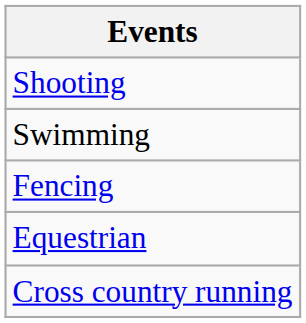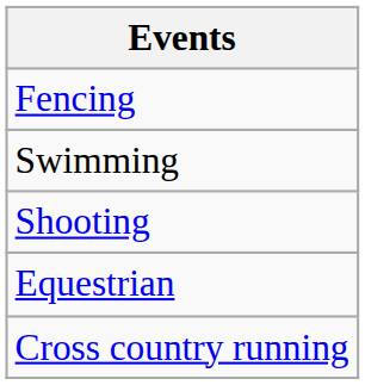 <table class="wikitable"  style="font-size:95%; float:right;">
 <tr>
 <th>Events</th>
 </tr>
 <tr>
-<td><a href='#'>Shooting</a></td>
+<td><a href='#'>Fencing</a></td>
 </tr>
 <tr>
 <td>Swimming</td>
 </tr>
 <tr>
-<td><a href='#'>Fencing</a></td>
+<td><a href='#'>Shooting</a></td>
 </tr>
 <tr>
 <td><a href='#'>Equestrian</a></td>
 </tr>
 <tr>
 <td><a href='#'>Cross country running</a></td>
 </tr>
 </table>
